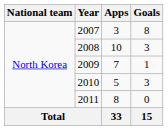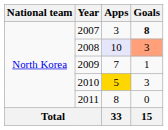 <table class="wikitable" style="text-align:center">
 <tr>
 <th>National team</th>
 <th>Year</th>
 <th>Apps</th>
 <th>Goals</th>
 </tr>
 <tr>
 <td rowspan="5"><a href='#'>North Korea</a></td>
 <td>2007</td>
 <td>3</td>
-<td>8</td>
+<td><strong>8</strong></td>
 </tr>
 <tr>
 <td>2008</td>
-<td>10</td>
-<td>3</td>
+<td style="background: lavender;">10</td>
+<td style="background: lightsalmon;">3</td>
 </tr>
 <tr>
 <td>2009</td>
 <td>7</td>
 <td>1</td>
 </tr>
 <tr>
 <td>2010</td>
-<td>5</td>
+<td style="background: gold;">5</td>
 <td>3</td>
 </tr>
 <tr>
 <td>2011</td>
 <td>8</td>
 <td>0</td>
 </tr>
 <tr>
 <th colspan="2">Total</th>
 <th>33</th>
 <th>15</th>
 </tr>
 </table>
